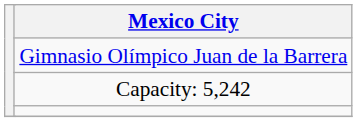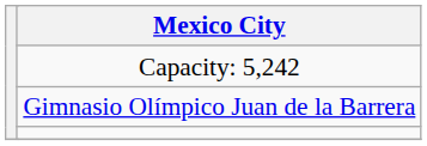 <table class="wikitable" style="text-align:center">
 <tr>
 <th rowspan="4" colspan="2"></th>
 <th><a href='#'>Mexico City</a></th>
 </tr>
 <tr>
-<td><a href='#'>Gimnasio Olímpico Juan de la Barrera</a></td>
+<td>Capacity: 5,242</td>
 </tr>
 <tr>
-<td>Capacity: 5,242</td>
+<td><a href='#'>Gimnasio Olímpico Juan de la Barrera</a></td>
 </tr>
 <tr>
 <td></td>
 </tr>
 <tr>
 </tr>
 </table>
